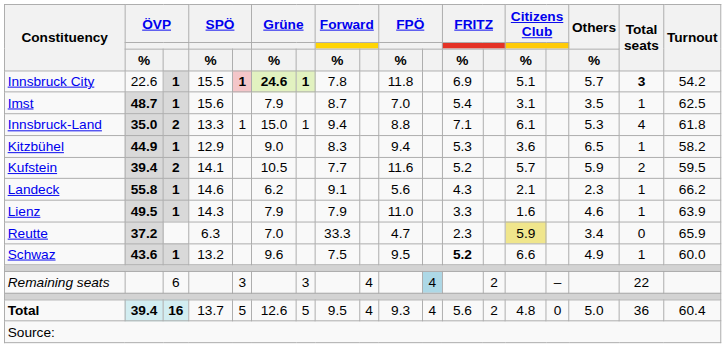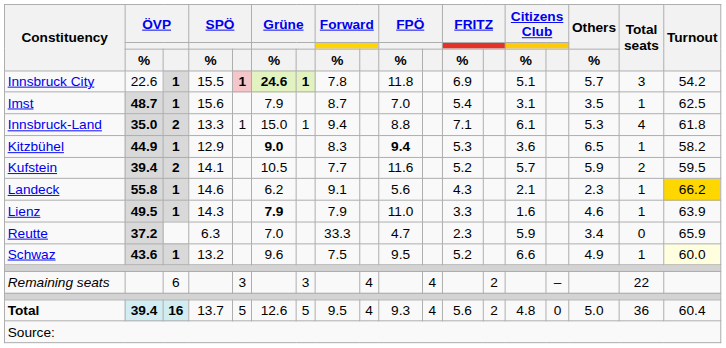 <table class="wikitable" style="text-align:center;font-size:90%;line-height:16px">
 <tr style="height:40px;">
 <th style="width:120px;" rowspan="3">Constituency</th>
 <th style="width:60px;" colspan="2"><a href='#'>ÖVP</a></th>
 <th style="width:60px;" colspan="2"><a href='#'>SPÖ</a></th>
 <th style="width:60px;" colspan="2"><a href='#'>Grüne</a></th>
 <th style="width:60px;" colspan="2"><a href='#'>Forward</a></th>
 <th style="width:60px;" colspan="2"><a href='#'>FPÖ</a></th>
 <th style="width:60px;" colspan="2"><a href='#'>FRITZ</a></th>
 <th style="width:60px;" colspan="2"><a href='#'>Citizens<br>Club</a></th>
 <th class="unsortable" style="width:40px;" rowspan="2">Others</th>
 <th class="unsortable" style="width:40px;" rowspan="3">Total<br>seats</th>
 <th class="unsortable" style="width:40px;" rowspan="3">Turnout</th>
 </tr>
 <tr>
 <th colspan="2" style="background:"></th>
 <th colspan="2" style="background:"></th>
 <th colspan="2" style="background:"></th>
 <th colspan="2" style="background:#FFD504;"></th>
 <th colspan="2" style="background:"></th>
 <th colspan="2" style="background:#E43226;"></th>
 <th colspan="2" style="background:#FFCB08;"></th>
 </tr>
 <tr>
 <th class=unsortable>%</th>
 <th class=unsortable></th>
 <th class=unsortable>%</th>
 <th class=unsortable></th>
 <th class=unsortable>%</th>
 <th class=unsortable></th>
 <th class=unsortable>%</th>
 <th class=unsortable></th>
 <th class=unsortable>%</th>
 <th class=unsortable></th>
 <th class=unsortable>%</th>
 <th class=unsortable></th>
 <th class=unsortable>%</th>
 <th class=unsortable></th>
 <th class=unsortable>%</th>
 </tr>
 <tr>
 <td align=left><a href='#'>Innsbruck City</a></td>
 <td>22.6</td>
 <td bgcolor=#D9D9D9><strong>1</strong></td>
 <td>15.5</td>
 <td bgcolor=#F4C6C9><strong>1</strong></td>
 <td bgcolor=#E2F2C0><strong>24.6</strong></td>
 <td bgcolor=#E2F2C0><strong>1</strong></td>
 <td>7.8</td>
 <td></td>
 <td>11.8</td>
 <td></td>
 <td>6.9</td>
 <td></td>
 <td>5.1</td>
 <td></td>
 <td>5.7</td>
-<td><strong>3</strong></td>
+<td>3</td>
 <td>54.2</td>
 </tr>
 <tr>
 <td align=left><a href='#'>Imst</a></td>
 <td bgcolor=#D9D9D9><strong>48.7</strong></td>
 <td bgcolor=#D9D9D9><strong>1</strong></td>
 <td>15.6</td>
 <td></td>
 <td>7.9</td>
 <td></td>
 <td>8.7</td>
 <td></td>
 <td>7.0</td>
 <td></td>
 <td>5.4</td>
 <td></td>
 <td>3.1</td>
 <td></td>
 <td>3.5</td>
 <td>1</td>
 <td>62.5</td>
 </tr>
 <tr>
 <td align=left><a href='#'>Innsbruck-Land</a></td>
 <td bgcolor=#D9D9D9><strong>35.0</strong></td>
 <td bgcolor=#D9D9D9><strong>2</strong></td>
 <td>13.3</td>
 <td>1</td>
 <td>15.0</td>
 <td>1</td>
 <td>9.4</td>
 <td></td>
 <td>8.8</td>
 <td></td>
 <td>7.1</td>
 <td></td>
 <td>6.1</td>
 <td></td>
 <td>5.3</td>
 <td>4</td>
 <td>61.8</td>
 </tr>
 <tr>
 <td align=left><a href='#'>Kitzbühel</a></td>
 <td bgcolor=#D9D9D9><strong>44.9</strong></td>
 <td bgcolor=#D9D9D9><strong>1</strong></td>
 <td>12.9</td>
 <td></td>
-<td>9.0</td>
+<td><strong>9.0</strong></td>
 <td></td>
 <td>8.3</td>
 <td></td>
-<td>9.4</td>
+<td><strong>9.4</strong></td>
 <td></td>
 <td>5.3</td>
 <td></td>
 <td>3.6</td>
 <td></td>
 <td>6.5</td>
 <td>1</td>
 <td>58.2</td>
 </tr>
 <tr>
 <td align=left><a href='#'>Kufstein</a></td>
 <td bgcolor=#D9D9D9><strong>39.4</strong></td>
 <td bgcolor=#D9D9D9><strong>2</strong></td>
 <td>14.1</td>
 <td></td>
 <td>10.5</td>
 <td></td>
 <td>7.7</td>
 <td></td>
 <td>11.6</td>
 <td></td>
 <td>5.2</td>
 <td></td>
 <td>5.7</td>
 <td></td>
 <td>5.9</td>
 <td>2</td>
 <td>59.5</td>
 </tr>
 <tr>
 <td align=left><a href='#'>Landeck</a></td>
 <td bgcolor=#D9D9D9><strong>55.8</strong></td>
 <td bgcolor=#D9D9D9><strong>1</strong></td>
 <td>14.6</td>
 <td></td>
 <td>6.2</td>
 <td></td>
 <td>9.1</td>
 <td></td>
 <td>5.6</td>
 <td></td>
 <td>4.3</td>
 <td></td>
 <td>2.1</td>
 <td></td>
 <td>2.3</td>
 <td>1</td>
-<td>66.2</td>
+<td style="background: gold;">66.2</td>
 </tr>
 <tr>
 <td align=left><a href='#'>Lienz</a></td>
 <td bgcolor=#D9D9D9><strong>49.5</strong></td>
 <td bgcolor=#D9D9D9><strong>1</strong></td>
 <td>14.3</td>
 <td></td>
-<td>7.9</td>
+<td><strong>7.9</strong></td>
 <td></td>
 <td>7.9</td>
 <td></td>
 <td>11.0</td>
 <td></td>
 <td>3.3</td>
 <td></td>
 <td>1.6</td>
 <td></td>
 <td>4.6</td>
 <td>1</td>
 <td>63.9</td>
 </tr>
 <tr>
 <td align=left><a href='#'>Reutte</a></td>
 <td bgcolor=#D9D9D9><strong>37.2</strong></td>
 <td></td>
 <td>6.3</td>
 <td></td>
 <td>7.0</td>
 <td></td>
 <td>33.3</td>
 <td></td>
 <td>4.7</td>
 <td></td>
 <td>2.3</td>
 <td></td>
-<td style="background: khaki;">5.9</td>
+<td>5.9</td>
 <td></td>
 <td>3.4</td>
 <td>0</td>
 <td>65.9</td>
 </tr>
 <tr>
 <td align=left><a href='#'>Schwaz</a></td>
 <td bgcolor=#D9D9D9><strong>43.6</strong></td>
 <td bgcolor=#D9D9D9><strong>1</strong></td>
 <td>13.2</td>
 <td></td>
 <td>9.6</td>
 <td></td>
 <td>7.5</td>
 <td></td>
 <td>9.5</td>
 <td></td>
-<td><strong>5.2</strong></td>
+<td>5.2</td>
 <td></td>
 <td>6.6</td>
 <td></td>
 <td>4.9</td>
 <td>1</td>
-<td>60.0</td>
+<td style="background: lightyellow;">60.0</td>
 </tr>
 <tr>
 <td colspan=18 bgcolor=lightgrey></td>
 </tr>
 <tr>
 <td align=left><em>Remaining seats</em></td>
 <td></td>
 <td>6</td>
 <td></td>
 <td>3</td>
 <td></td>
 <td>3</td>
 <td></td>
 <td>4</td>
 <td></td>
-<td style="background: lightblue;">4</td>
+<td>4</td>
 <td></td>
 <td>2</td>
 <td></td>
 <td>–</td>
 <td></td>
 <td>22</td>
 <td></td>
 </tr>
 <tr>
 <td colspan=18 bgcolor=lightgrey></td>
 </tr>
 <tr>
 <td align=left><strong>Total</strong></td>
 <td bgcolor=#D2EDF1><strong>39.4</strong></td>
 <td bgcolor=#D2EDF1><strong>16</strong></td>
 <td>13.7</td>
 <td>5</td>
 <td>12.6</td>
 <td>5</td>
 <td>9.5</td>
 <td>4</td>
 <td>9.3</td>
 <td>4</td>
 <td>5.6</td>
 <td>2</td>
 <td>4.8</td>
 <td>0</td>
 <td>5.0</td>
 <td>36</td>
 <td>60.4</td>
 </tr>
 <tr class=sortbottom>
 <td colspan=18 align=left>Source: </td>
 </tr>
 </table>
